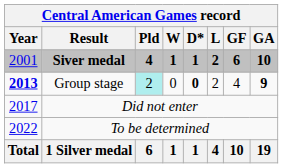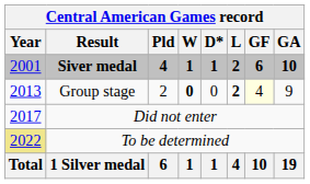 <table class="wikitable" style="text-align: center;">
 <tr>
 <th colspan=8><a href='#'>Central American Games</a> record</th>
 </tr>
 <tr>
 <th>Year</th>
 <th>Result</th>
 <th>Pld</th>
 <th>W</th>
 <th>D*</th>
 <th>L</th>
 <th>GF</th>
 <th>GA</th>
 </tr>
 <tr bgcolor=Silver>
 <td> <a href='#'>2001</a></td>
 <td><strong>Siver medal</strong></td>
 <td><strong>4</strong></td>
 <td><strong>1</strong></td>
 <td><strong>1</strong></td>
 <td><strong>2</strong></td>
 <td><strong>6</strong></td>
 <td><strong>10</strong></td>
 </tr>
 <tr>
-<td><strong> <a href='#'>2013</a></strong></td>
+<td> <a href='#'>2013</a></td>
 <td>Group stage</td>
-<td style="background: paleturquoise;">2</td>
+<td>2</td>
+<td><strong>0</strong></td>
 <td>0</td>
-<td><strong>0</strong></td>
-<td>2</td>
-<td>4</td>
-<td><strong>9</strong></td>
+<td><strong>2</strong></td>
+<td style="background: lightyellow;">4</td>
+<td>9</td>
 </tr>
 <tr>
 <td> <a href='#'>2017</a></td>
 <td colspan=7><em>Did not enter</em></td>
 </tr>
 <tr>
-<td> <a href='#'>2022</a></td>
+<td style="background: khaki;"> <a href='#'>2022</a></td>
 <td colspan=8><em>To be determined</em></td>
 </tr>
 <tr>
 <th>Total</th>
 <th>1 Silver medal</th>
 <th>6</th>
 <th>1</th>
 <th>1</th>
 <th>4</th>
 <th>10</th>
 <th>19</th>
 </tr>
 </table>
